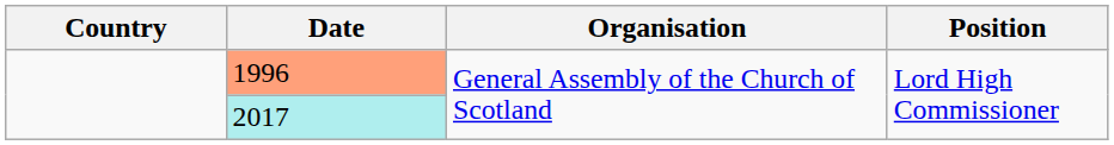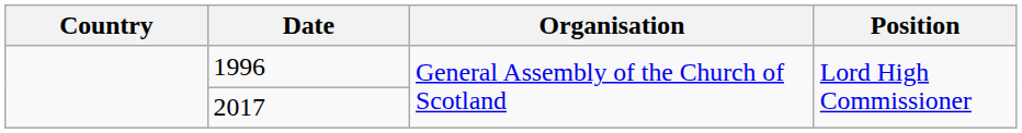 <table class="wikitable" width="100%" style="margin:0.5em 1em 0.5em 0; border:1px #005566 solid; border-collapse:collapse;">
 <tr>
 <th bgcolor="#F5F5F5" width="20%"><span>Country</span></th>
 <th bgcolor="#F5F5F5" width="20%"><span>Date</span></th>
 <th bgcolor="#F5F5F5" width="40%"><span>Organisation</span></th>
 <th bgcolor="#F5F5F5" width="20%"><span>Position</span></th>
 </tr>
 <tr>
 <td rowspan="2"></td>
-<td style="background: lightsalmon;">1996</td>
+<td>1996</td>
 <td rowspan="2"><a href='#'>General Assembly of the Church of Scotland</a></td>
 <td rowspan="2"><a href='#'>Lord High Commissioner</a></td>
 </tr>
 <tr>
-<td style="background: paleturquoise;">2017</td>
+<td>2017</td>
 </tr>
 </table>
